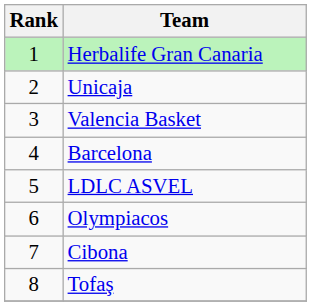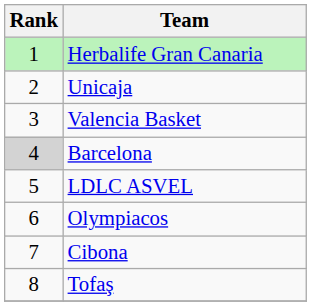 <table class="wikitable">
 <tr>
 <th>Rank</th>
 <th style="width:180px;">Team</th>
 </tr>
 <tr style="background:#bbf3bb;">
 <td align=center>1</td>
 <td> <a href='#'>Herbalife Gran Canaria</a></td>
 </tr>
 <tr>
 <td align=center>2</td>
 <td> <a href='#'>Unicaja</a></td>
 </tr>
 <tr>
 <td align=center>3</td>
 <td> <a href='#'>Valencia Basket</a></td>
 </tr>
 <tr>
-<td align=center>4</td>
+<td align=center style="background: lightgrey;">4</td>
 <td> <a href='#'>Barcelona</a></td>
 </tr>
 <tr>
 <td align=center>5</td>
 <td> <a href='#'>LDLC ASVEL</a></td>
 </tr>
 <tr>
 <td align=center>6</td>
 <td> <a href='#'>Olympiacos</a></td>
 </tr>
 <tr>
 <td align=center>7</td>
 <td> <a href='#'>Cibona</a></td>
 </tr>
 <tr>
 <td align=center>8</td>
 <td> <a href='#'>Tofaş</a></td>
 </tr>
 <tr>
 </tr>
 </table>
